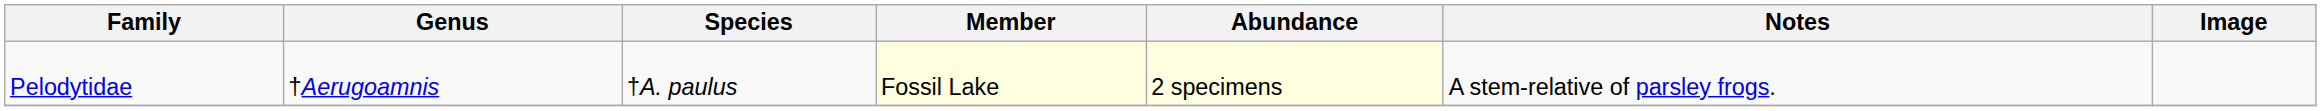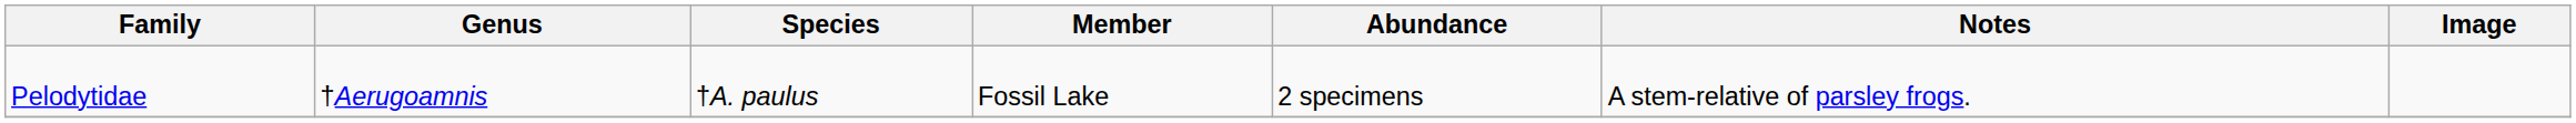 <table class="wikitable" style="margin:auto;width:100%;">
 <tr>
 <th>Family</th>
 <th>Genus</th>
 <th>Species</th>
 <th>Member</th>
 <th>Abundance</th>
 <th>Notes</th>
 <th>Image</th>
 </tr>
 <tr>
 <td><br><a href='#'>Pelodytidae</a></td>
 <td><br>†<em><a href='#'>Aerugoamnis</a></em></td>
 <td><br>†<em>A. paulus</em> </td>
-<td style="background: lightyellow;"><br>Fossil Lake</td>
-<td style="background: lightyellow;"><br>2 specimens</td>
+<td><br>Fossil Lake</td>
+<td><br>2 specimens</td>
 <td><br>A stem-relative of <a href='#'>parsley frogs</a>.</td>
 <td><br></td>
 </tr>
 <tr>
 </tr>
 </table>
